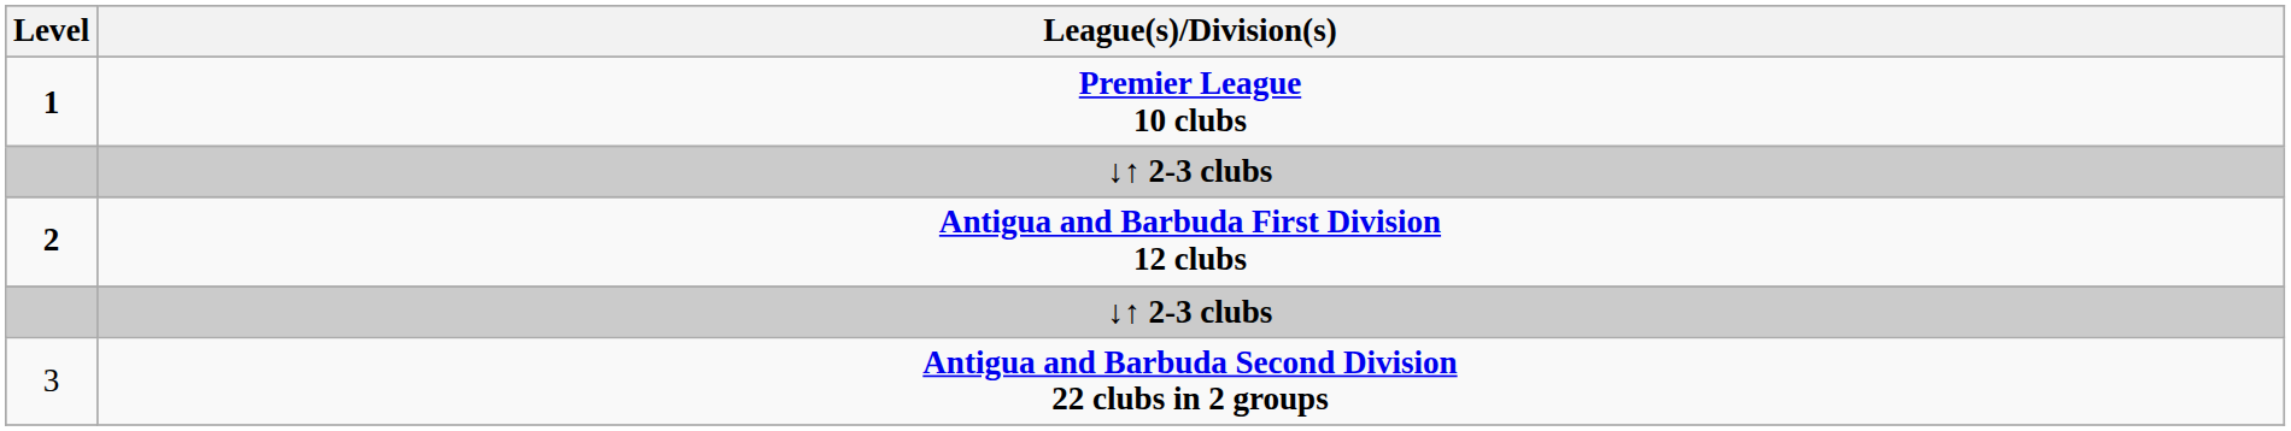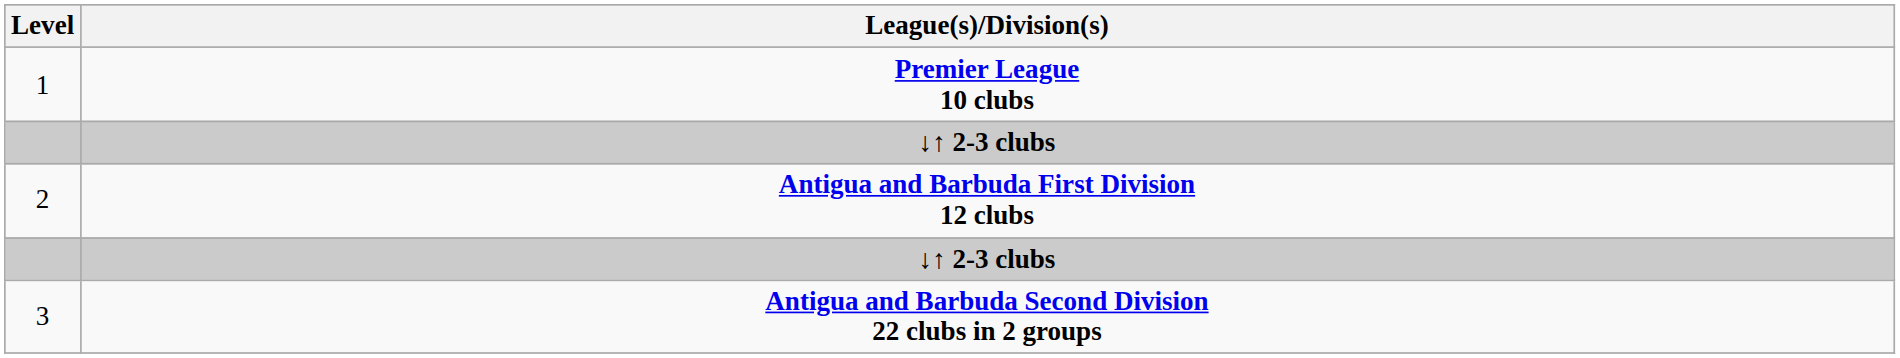 <table class="wikitable" style="text-align: center;">
 <tr>
 <th>Level</th>
 <th colspan="12">League(s)/Division(s)</th>
 </tr>
 <tr>
-<td><strong>1</strong></td>
+<td>1</td>
 <td colspan="12"><strong><a href='#'>Premier League</a></strong><br><strong>10 clubs</strong></td>
 </tr>
 <tr style="background:#CBCBCB">
 <td style="width:4%;"></td>
 <td colspan="9" style="width:96%;"><strong>↓↑ 2-3 clubs</strong></td>
 </tr>
 <tr>
-<td><strong>2</strong></td>
+<td>2</td>
 <td colspan="12"><strong><a href='#'>Antigua and Barbuda First Division</a></strong><br><strong>12 clubs</strong></td>
 </tr>
 <tr style="background:#CBCBCB">
 <td style="width:4%;"></td>
 <td colspan="9" style="width:96%;"><strong>↓↑ 2-3 clubs</strong></td>
 </tr>
 <tr>
 <td>3</td>
 <td colspan="12"><strong><a href='#'>Antigua and Barbuda Second Division</a></strong><br><strong>22 clubs in 2 groups</strong></td>
 </tr>
 </table>
